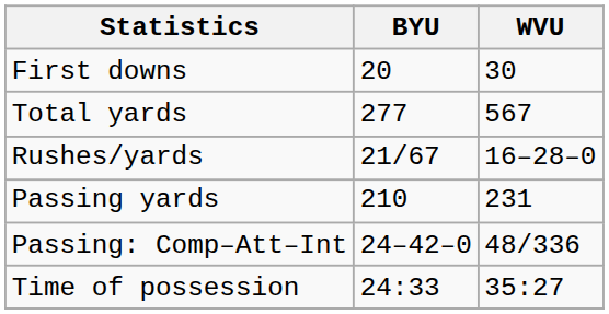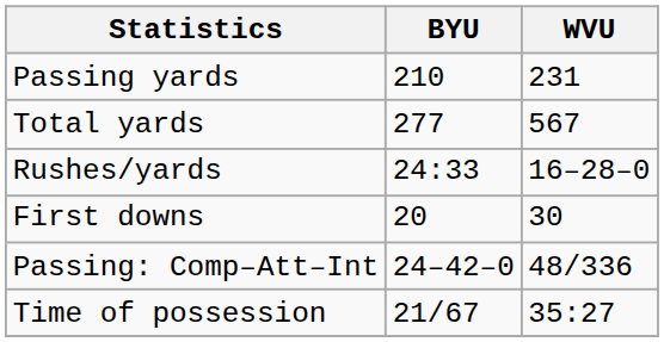 <table class="wikitable" style="float: left;">
 <tr>
 <th>Statistics</th>
 <th>BYU</th>
 <th>WVU</th>
 </tr>
 <tr>
-<td>First downs</td>
-<td>20</td>
-<td>30</td>
+<td>Passing yards</td>
+<td>210</td>
+<td>231</td>
 </tr>
 <tr>
 <td>Total yards</td>
 <td>277</td>
 <td>567</td>
 </tr>
 <tr>
 <td>Rushes/yards</td>
-<td>21/67</td>
+<td>24:33</td>
 <td>16–28–0</td>
 </tr>
 <tr>
-<td>Passing yards</td>
-<td>210</td>
-<td>231</td>
+<td>First downs</td>
+<td>20</td>
+<td>30</td>
 </tr>
 <tr>
 <td>Passing: Comp–Att–Int</td>
 <td>24–42–0</td>
 <td>48/336</td>
 </tr>
 <tr>
 <td>Time of possession</td>
-<td>24:33</td>
+<td>21/67</td>
 <td>35:27</td>
 </tr>
 <tr>
 </tr>
 </table>
